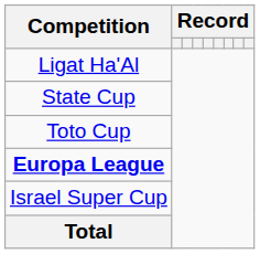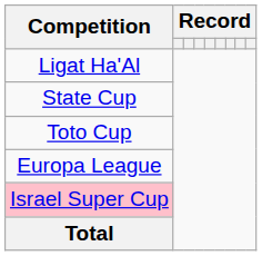 <table class="wikitable" style="text-align: center">
 <tr>
 <th rowspan=2>Competition</th>
 <th colspan=8>Record</th>
 </tr>
 <tr>
 <th></th>
 <th></th>
 <th></th>
 <th></th>
 <th></th>
 <th></th>
 <th></th>
 <th></th>
 </tr>
 <tr>
 <td><a href='#'>Ligat Ha'Al</a><br></td>
 </tr>
 <tr>
 <td><a href='#'>State Cup</a><br></td>
 </tr>
 <tr>
 <td><a href='#'>Toto Cup</a><br></td>
 </tr>
 <tr>
-<td><strong><a href='#'>Europa League</a><br></strong></td>
+<td><a href='#'>Europa League</a><br></td>
 </tr>
 <tr>
-<td><a href='#'>Israel Super Cup</a><br></td>
+<td style="background: pink;"><a href='#'>Israel Super Cup</a><br></td>
 </tr>
 <tr>
 <th>Total<br></th>
 </tr>
 </table>
